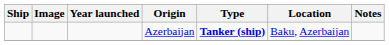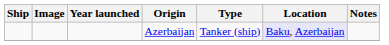 <table class="wikitable sortable">
 <tr>
 <th>Ship</th>
 <th>Image</th>
 <th>Year launched</th>
 <th>Origin</th>
 <th>Type</th>
 <th>Location</th>
 <th>Notes</th>
 </tr>
 <tr>
 <td></td>
 <td></td>
 <td></td>
 <td> <a href='#'>Azerbaijan</a></td>
-<td><strong><a href='#'>Tanker (ship)</a></strong></td>
-<td><a href='#'>Baku</a>, <a href='#'>Azerbaijan</a></td>
+<td><a href='#'>Tanker (ship)</a></td>
+<td style="background: lavender;"><a href='#'>Baku</a>, <a href='#'>Azerbaijan</a></td>
 <td></td>
 </tr>
 <tr>
 </tr>
 </table>
